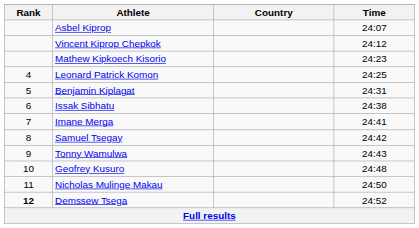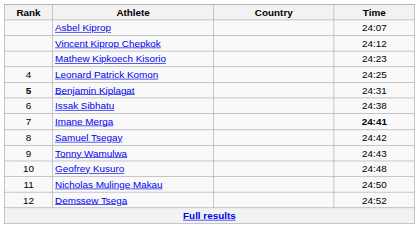 <table class="wikitable sortable" style=" text-align:center; font-size:95%;" width="50%">
 <tr>
 </tr>
 <tr>
 <th width=5%>Rank</th>
 <th width=20%>Athlete</th>
 <th width=15%>Country</th>
 <th width=10%>Time</th>
 </tr>
 <tr>
 <td align=center></td>
 <td align=left><a href='#'>Asbel Kiprop</a></td>
 <td align=left></td>
 <td>24:07</td>
 </tr>
 <tr>
 <td align=center></td>
 <td align=left><a href='#'>Vincent Kiprop Chepkok</a></td>
 <td align=left></td>
 <td>24:12</td>
 </tr>
 <tr>
 <td align=center></td>
 <td align=left><a href='#'>Mathew Kipkoech Kisorio</a></td>
 <td align=left></td>
 <td>24:23</td>
 </tr>
 <tr>
 <td align=center>4</td>
 <td align=left><a href='#'>Leonard Patrick Komon</a></td>
 <td align=left></td>
 <td>24:25</td>
 </tr>
 <tr>
-<td align=center>5</td>
+<td align=center><strong>5</strong></td>
 <td align=left><a href='#'>Benjamin Kiplagat</a></td>
 <td align=left></td>
 <td>24:31</td>
 </tr>
 <tr>
 <td align=center>6</td>
 <td align=left><a href='#'>Issak Sibhatu</a></td>
 <td align=left></td>
 <td>24:38</td>
 </tr>
 <tr>
 <td align=center>7</td>
 <td align=left><a href='#'>Imane Merga</a></td>
 <td align=left></td>
-<td>24:41</td>
+<td><strong>24:41</strong></td>
 </tr>
 <tr>
 <td align=center>8</td>
 <td align=left><a href='#'>Samuel Tsegay</a></td>
 <td align=left></td>
 <td>24:42</td>
 </tr>
 <tr>
 <td align=center>9</td>
 <td align=left><a href='#'>Tonny Wamulwa</a></td>
 <td align=left></td>
 <td>24:43</td>
 </tr>
 <tr>
 <td align=center>10</td>
 <td align=left><a href='#'>Geofrey Kusuro</a></td>
 <td align=left></td>
 <td>24:48</td>
 </tr>
 <tr>
 <td align=center>11</td>
 <td align=left><a href='#'>Nicholas Mulinge Makau</a></td>
 <td align=left></td>
 <td>24:50</td>
 </tr>
 <tr>
-<td align=center><strong>12</strong></td>
+<td align=center>12</td>
 <td align=left><a href='#'>Demssew Tsega</a></td>
 <td align=left></td>
 <td>24:52</td>
 </tr>
 <tr class="sortbottom">
 <th colspan=4 align=center><a href='#'>Full results</a></th>
 </tr>
 </table>
